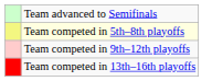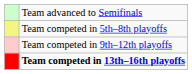 <table class="wikitable">
 <tr>
 <td style="background: #ccffcc;">    </td>
 <td>Team advanced to <a href='#'>Semifinals</a></td>
 </tr>
 <tr>
 <td style="background: #F3F781;">    </td>
-<td style="background: lightyellow;">Team competed in <a href='#'>5th–8th playoffs</a></td>
+<td>Team competed in <a href='#'>5th–8th playoffs</a></td>
 </tr>
 <tr>
 <td style="background: #ffcccc;">    </td>
 <td>Team competed in <a href='#'>9th–12th playoffs</a></td>
 </tr>
 <tr>
 <td style="background: #FF0000;">    </td>
-<td>Team competed in <a href='#'>13th–16th playoffs</a></td>
+<td><strong>Team competed in <a href='#'>13th–16th playoffs</a></strong></td>
 </tr>
 </table>
